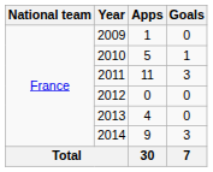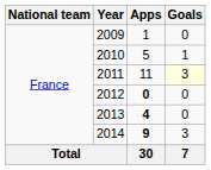 <table class="wikitable" style="text-align: center;">
 <tr>
 <th>National team</th>
 <th>Year</th>
 <th>Apps</th>
 <th>Goals</th>
 </tr>
 <tr>
 <td rowspan="6"><a href='#'>France</a></td>
 <td>2009</td>
 <td>1</td>
 <td>0</td>
 </tr>
 <tr>
 <td>2010</td>
 <td>5</td>
 <td>1</td>
 </tr>
 <tr>
 <td>2011</td>
 <td>11</td>
-<td>3</td>
+<td style="background: lightyellow;">3</td>
 </tr>
 <tr>
 <td>2012</td>
-<td>0</td>
+<td><strong>0</strong></td>
 <td>0</td>
 </tr>
 <tr>
 <td>2013</td>
-<td>4</td>
+<td><strong>4</strong></td>
 <td>0</td>
 </tr>
 <tr>
 <td>2014</td>
-<td>9</td>
+<td><strong>9</strong></td>
 <td>3</td>
 </tr>
 <tr>
 <th colspan="2">Total</th>
 <th>30</th>
 <th>7</th>
 </tr>
 </table>
